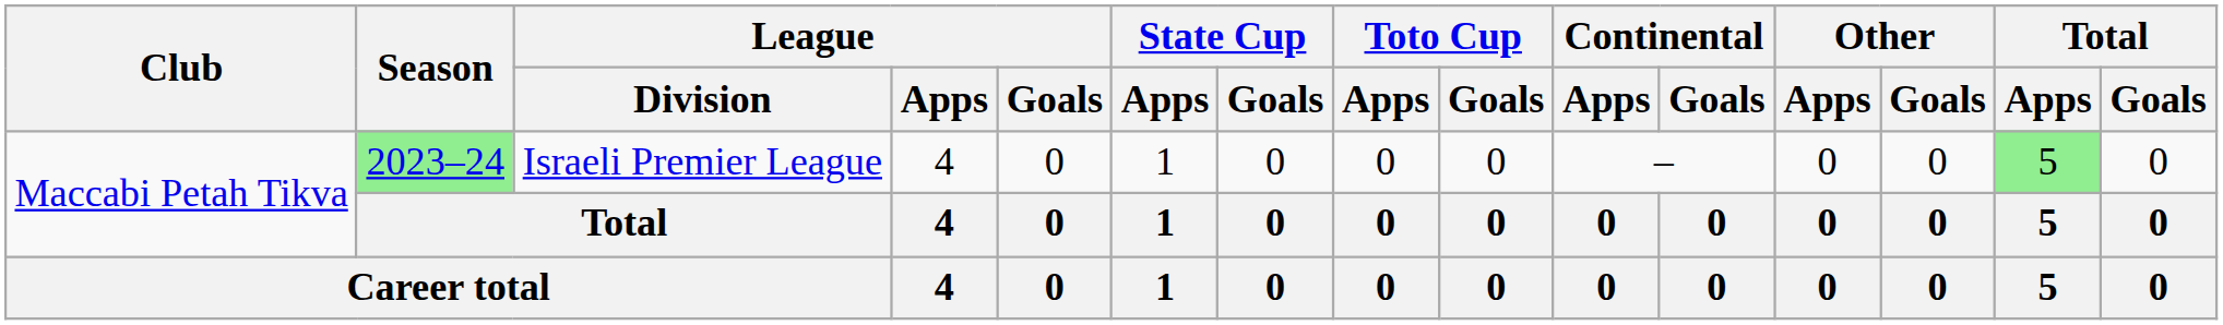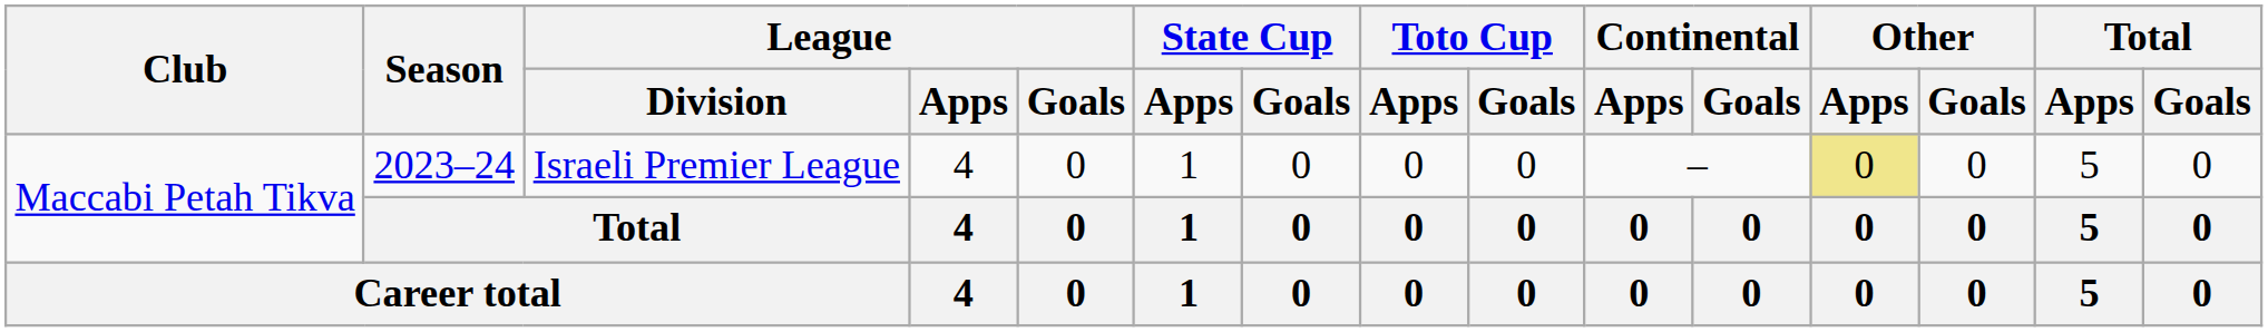 <table class="wikitable" style="text-align: center">
 <tr>
 <th rowspan="2">Club</th>
 <th rowspan="2">Season</th>
 <th colspan="3">League</th>
 <th colspan="2"><a href='#'>State Cup</a></th>
 <th colspan="2"><a href='#'>Toto Cup</a></th>
 <th colspan="2">Continental</th>
 <th colspan="2">Other</th>
 <th colspan="2">Total</th>
 </tr>
 <tr>
 <th>Division</th>
 <th>Apps</th>
 <th>Goals</th>
 <th>Apps</th>
 <th>Goals</th>
 <th>Apps</th>
 <th>Goals</th>
 <th>Apps</th>
 <th>Goals</th>
 <th>Apps</th>
 <th>Goals</th>
 <th>Apps</th>
 <th>Goals</th>
 </tr>
 <tr>
 <td rowspan="2"><a href='#'>Maccabi Petah Tikva</a></td>
-<td style="background: lightgreen;"><a href='#'>2023–24</a></td>
+<td><a href='#'>2023–24</a></td>
 <td><a href='#'>Israeli Premier League</a></td>
 <td>4</td>
 <td>0</td>
 <td>1</td>
 <td>0</td>
 <td>0</td>
 <td>0</td>
 <td colspan="2">–</td>
+<td style="background: khaki;">0</td>
 <td>0</td>
-<td>0</td>
-<td style="background: lightgreen;">5</td>
+<td>5</td>
 <td>0</td>
 </tr>
 <tr>
 <th colspan="2"><strong>Total</strong></th>
 <th>4</th>
 <th>0</th>
 <th>1</th>
 <th>0</th>
 <th>0</th>
 <th>0</th>
 <th>0</th>
 <th>0</th>
 <th>0</th>
 <th>0</th>
 <th>5</th>
 <th>0</th>
 </tr>
 <tr>
 <th colspan="3"><strong>Career total</strong></th>
 <th>4</th>
 <th>0</th>
 <th>1</th>
 <th>0</th>
 <th>0</th>
 <th>0</th>
 <th>0</th>
 <th>0</th>
 <th>0</th>
 <th>0</th>
 <th>5</th>
 <th>0</th>
 </tr>
 </table>
